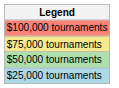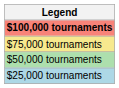 <table class="wikitable" style="font-size:85%;">
 <tr>
 <th>Legend</th>
 </tr>
 <tr style="background:#f88379;">
-<td>$100,000 tournaments</td>
+<td><strong>$100,000 tournaments</strong></td>
 </tr>
 <tr style="background:#f7e98e;">
 <td>$75,000 tournaments</td>
 </tr>
 <tr style="background:#addfad;">
 <td>$50,000 tournaments</td>
 </tr>
 <tr style="background:lightblue;">
 <td>$25,000 tournaments</td>
 </tr>
 </table>
